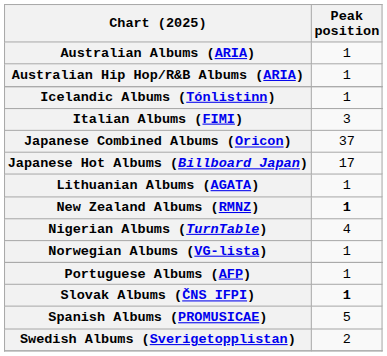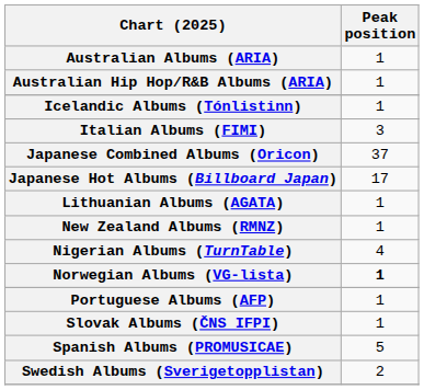 <table class="wikitable sortable plainrowheaders" style="text-align:center">
 <tr>
 <th scope="col">Chart (2025)</th>
 <th scope="col">Peak<br>position</th>
 </tr>
 <tr>
 <th scope="row">Australian Albums (<a href='#'>ARIA</a>)</th>
 <td>1</td>
 </tr>
 <tr>
 <th scope="row">Australian Hip Hop/R&B Albums (<a href='#'>ARIA</a>)</th>
 <td>1</td>
 </tr>
 <tr>
 </tr>
 <tr>
 </tr>
 <tr>
 </tr>
 <tr>
 </tr>
 <tr>
 </tr>
 <tr>
 </tr>
 <tr>
 </tr>
 <tr>
 </tr>
 <tr>
 </tr>
 <tr>
 </tr>
 <tr>
 </tr>
 <tr>
 <th scope="row">Icelandic Albums (<a href='#'>Tónlistinn</a>)</th>
 <td>1</td>
 </tr>
 <tr>
 </tr>
 <tr>
 <th scope="row">Italian Albums (<a href='#'>FIMI</a>)</th>
 <td>3</td>
 </tr>
 <tr>
 <th scope="row">Japanese Combined Albums (<a href='#'>Oricon</a>)</th>
 <td>37</td>
 </tr>
 <tr>
 <th scope="row">Japanese Hot Albums (<em><a href='#'>Billboard Japan</a></em>)</th>
 <td>17</td>
 </tr>
 <tr>
 <th scope="row">Lithuanian Albums (<a href='#'>AGATA</a>)</th>
 <td>1</td>
 </tr>
 <tr>
 <th scope="row">New Zealand Albums (<a href='#'>RMNZ</a>)</th>
-<td><strong>1</strong></td>
+<td>1</td>
 </tr>
 <tr>
 <th scope="row">Nigerian Albums (<a href='#'><em>TurnTable</em></a>)</th>
 <td>4</td>
 </tr>
 <tr>
 <th scope="row">Norwegian Albums (<a href='#'>VG-lista</a>)</th>
-<td>1</td>
+<td><strong>1</strong></td>
 </tr>
 <tr>
 </tr>
 <tr>
 <th scope="row">Portuguese Albums (<a href='#'>AFP</a>)</th>
 <td>1</td>
 </tr>
 <tr>
 <th scope="row">Slovak Albums (<a href='#'>ČNS IFPI</a>)</th>
-<td><strong>1</strong></td>
+<td>1</td>
 </tr>
 <tr>
 <th scope="row">Spanish Albums (<a href='#'>PROMUSICAE</a>)</th>
 <td>5</td>
 </tr>
 <tr>
 <th scope="row">Swedish Albums (<a href='#'>Sverigetopplistan</a>)</th>
 <td>2</td>
 </tr>
 <tr>
 </tr>
 <tr>
 </tr>
 <tr>
 </tr>
 <tr>
 </tr>
 <tr>
 </tr>
 </table>
